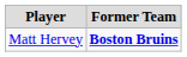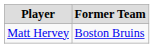 <table class="wikitable">
 <tr align="center"  bgcolor="#dddddd">
 <td><strong>Player</strong></td>
 <td><strong>Former Team</strong></td>
 </tr>
 <tr>
 <td><a href='#'>Matt Hervey</a></td>
-<td><strong><a href='#'>Boston Bruins</a></strong></td>
+<td><a href='#'>Boston Bruins</a></td>
 </tr>
 </table>
